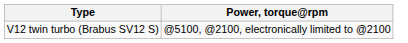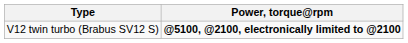 <table class="wikitable">
 <tr>
 <th>Type</th>
 <th>Power, torque@rpm</th>
 </tr>
 <tr>
 <td> V12 twin turbo (Brabus SV12 S)</td>
-<td>@5100, @2100, electronically limited to @2100</td>
+<td><strong>@5100, @2100, electronically limited to @2100</strong></td>
 </tr>
 </table>
